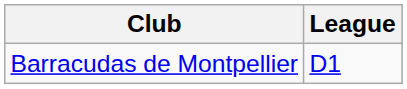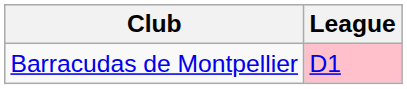 <table class="wikitable">
 <tr>
 <th>Club</th>
 <th>League</th>
 </tr>
 <tr>
 <td><a href='#'>Barracudas de Montpellier</a></td>
-<td><a href='#'>D1</a></td>
+<td style="background: pink;"><a href='#'>D1</a></td>
 </tr>
 </table>
